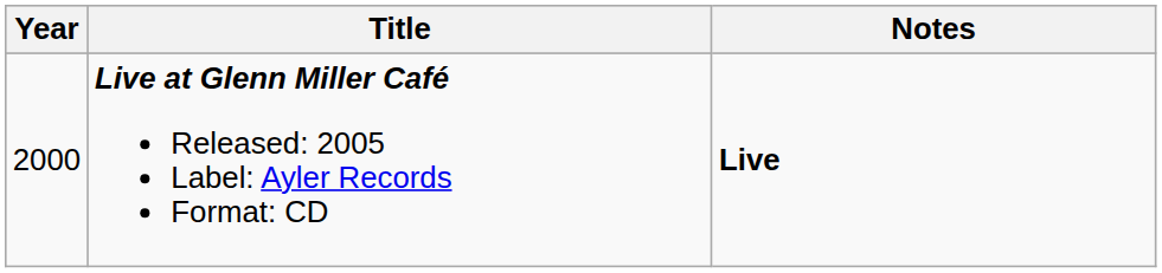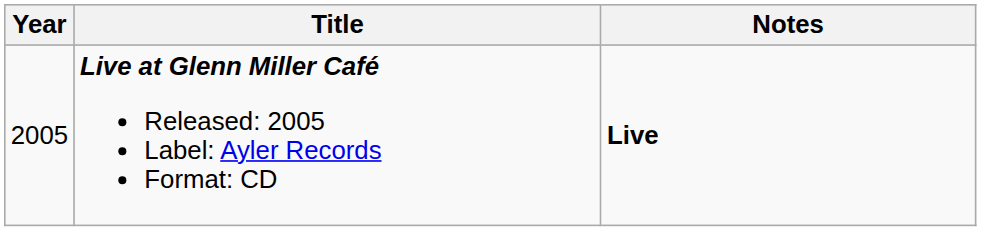 <table class="wikitable">
 <tr>
 <th>Year</th>
 <th style="width:225px;">Title</th>
 <th style="width:225px;">Notes</th>
 </tr>
 <tr>
-<td>2000</td>
+<td>2005</td>
 <td style="width:20em"><strong><em>Live at Glenn Miller Café</em></strong><br><ul><li>Released: 2005</li><li>Label: <a href='#'>Ayler Records</a> </li><li>Format: CD</li></ul></td>
 <td><strong>Live</strong></td>
 </tr>
 </table>
